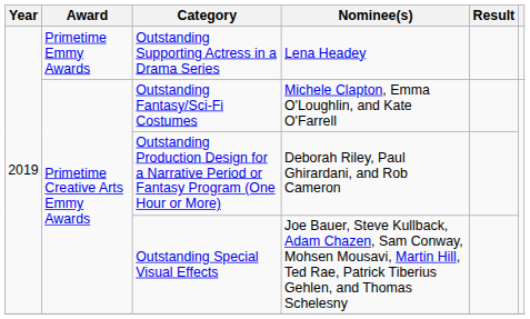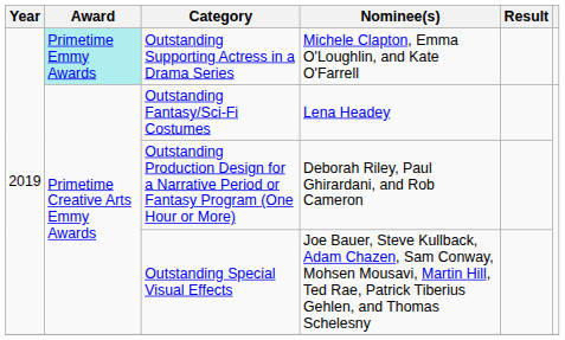 <table class="wikitable sortable">
 <tr>
 <th>Year</th>
 <th>Award</th>
 <th>Category</th>
 <th>Nominee(s)</th>
 <th>Result</th>
 <th class="unsortable"></th>
 </tr>
 <tr>
 <td rowspan=4>2019</td>
-<td rowspan=1><a href='#'>Primetime Emmy Awards</a></td>
+<td rowspan=1 style="background: paleturquoise;"><a href='#'>Primetime Emmy Awards</a></td>
 <td><a href='#'>Outstanding Supporting Actress in a Drama Series</a></td>
-<td><a href='#'>Lena Headey</a></td>
+<td><a href='#'>Michele Clapton</a>, Emma O'Loughlin, and Kate O'Farrell</td>
 <td></td>
 <td rowspan=1 style="text-align:center;"></td>
 </tr>
 <tr>
 <td rowspan=3><a href='#'>Primetime Creative Arts Emmy Awards</a></td>
 <td><a href='#'>Outstanding Fantasy/Sci-Fi Costumes</a></td>
-<td><a href='#'>Michele Clapton</a>, Emma O'Loughlin, and Kate O'Farrell</td>
+<td><a href='#'>Lena Headey</a></td>
 <td></td>
 <td rowspan=3 style="text-align:center;"></td>
 </tr>
 <tr>
 <td><a href='#'>Outstanding Production Design for a Narrative Period or Fantasy Program (One Hour or More)</a></td>
 <td>Deborah Riley, Paul Ghirardani, and Rob Cameron</td>
 <td></td>
 </tr>
 <tr>
 <td><a href='#'>Outstanding Special Visual Effects</a></td>
 <td>Joe Bauer, Steve Kullback, <a href='#'>Adam Chazen</a>, Sam Conway, Mohsen Mousavi, <a href='#'>Martin Hill</a>, Ted Rae, Patrick Tiberius Gehlen, and Thomas Schelesny</td>
 <td></td>
 </tr>
 <tr>
 </tr>
 </table>
